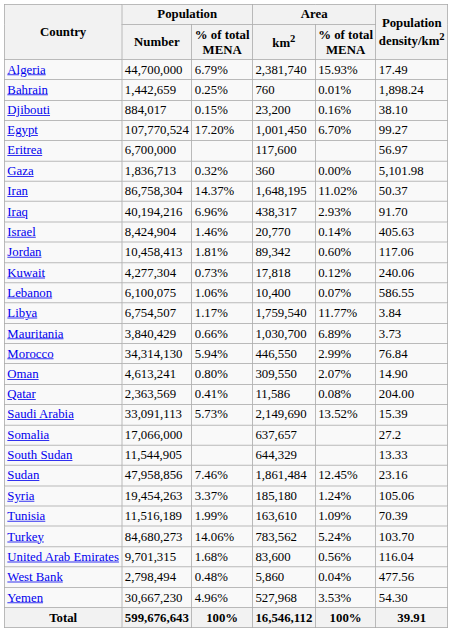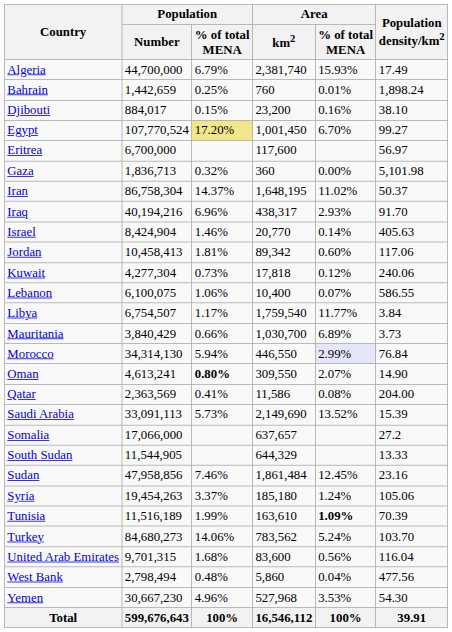 <table class="wikitable sortable">
 <tr>
 <th rowspan=2>Country</th>
 <th colspan=2>Population</th>
 <th colspan=2>Area</th>
 <th rowspan=2>Population<br>density/km<sup>2</sup></th>
 </tr>
 <tr>
 <th>Number</th>
 <th>% of total<br>MENA</th>
 <th>km<sup>2</sup></th>
 <th>% of total<br>MENA</th>
 </tr>
 <tr>
 <td><a href='#'>Algeria</a></td>
 <td>44,700,000</td>
 <td>6.79%</td>
 <td>2,381,740</td>
 <td>15.93%</td>
 <td>17.49</td>
 </tr>
 <tr>
 <td><a href='#'>Bahrain</a></td>
 <td>1,442,659</td>
 <td>0.25%</td>
 <td>760</td>
 <td>0.01%</td>
 <td>1,898.24</td>
 </tr>
 <tr>
 <td><a href='#'>Djibouti</a></td>
 <td>884,017</td>
 <td>0.15%</td>
 <td>23,200</td>
 <td>0.16%</td>
 <td>38.10</td>
 </tr>
 <tr>
 <td><a href='#'>Egypt</a></td>
 <td>107,770,524</td>
-<td>17.20%</td>
+<td style="background: khaki;">17.20%</td>
 <td>1,001,450</td>
 <td>6.70%</td>
 <td>99.27</td>
 </tr>
 <tr>
 <td><a href='#'>Eritrea</a></td>
 <td>6,700,000</td>
 <td></td>
 <td>117,600</td>
 <td></td>
 <td>56.97</td>
 </tr>
 <tr>
 <td><a href='#'>Gaza</a></td>
 <td>1,836,713</td>
 <td>0.32%</td>
 <td>360</td>
 <td>0.00%</td>
 <td>5,101.98</td>
 </tr>
 <tr>
 <td><a href='#'>Iran</a></td>
 <td>86,758,304</td>
 <td>14.37%</td>
 <td>1,648,195</td>
 <td>11.02%</td>
 <td>50.37</td>
 </tr>
 <tr>
 <td><a href='#'>Iraq</a></td>
 <td>40,194,216</td>
 <td>6.96%</td>
 <td>438,317</td>
 <td>2.93%</td>
 <td>91.70</td>
 </tr>
 <tr>
 <td><a href='#'>Israel</a></td>
 <td>8,424,904</td>
 <td>1.46%</td>
 <td>20,770</td>
 <td>0.14%</td>
 <td>405.63</td>
 </tr>
 <tr>
 <td><a href='#'>Jordan</a></td>
 <td>10,458,413</td>
 <td>1.81%</td>
 <td>89,342</td>
 <td>0.60%</td>
 <td>117.06</td>
 </tr>
 <tr>
 <td><a href='#'>Kuwait</a></td>
 <td>4,277,304</td>
 <td>0.73%</td>
 <td>17,818</td>
 <td>0.12%</td>
 <td>240.06</td>
 </tr>
 <tr>
 <td><a href='#'>Lebanon</a></td>
 <td>6,100,075</td>
 <td>1.06%</td>
 <td>10,400</td>
 <td>0.07%</td>
 <td>586.55</td>
 </tr>
 <tr>
 <td><a href='#'>Libya</a></td>
 <td>6,754,507</td>
 <td>1.17%</td>
 <td>1,759,540</td>
 <td>11.77%</td>
 <td>3.84</td>
 </tr>
 <tr>
 <td><a href='#'>Mauritania</a></td>
 <td>3,840,429</td>
 <td>0.66%</td>
 <td>1,030,700</td>
 <td>6.89%</td>
 <td>3.73</td>
 </tr>
 <tr>
 <td><a href='#'>Morocco</a></td>
 <td>34,314,130</td>
 <td>5.94%</td>
 <td>446,550</td>
-<td>2.99%</td>
+<td style="background: lavender;">2.99%</td>
 <td>76.84</td>
 </tr>
 <tr>
 <td><a href='#'>Oman</a></td>
 <td>4,613,241</td>
-<td>0.80%</td>
+<td><strong>0.80%</strong></td>
 <td>309,550</td>
 <td>2.07%</td>
 <td>14.90</td>
 </tr>
 <tr>
 <td><a href='#'>Qatar</a></td>
 <td>2,363,569</td>
 <td>0.41%</td>
 <td>11,586</td>
 <td>0.08%</td>
 <td>204.00</td>
 </tr>
 <tr>
 <td><a href='#'>Saudi Arabia</a></td>
 <td>33,091,113</td>
 <td>5.73%</td>
 <td>2,149,690</td>
 <td>13.52%</td>
 <td>15.39</td>
 </tr>
 <tr>
 <td><a href='#'>Somalia</a></td>
 <td>17,066,000</td>
 <td></td>
 <td>637,657</td>
 <td></td>
 <td>27.2</td>
 </tr>
 <tr>
 <td><a href='#'>South Sudan</a></td>
 <td>11,544,905</td>
 <td></td>
 <td>644,329</td>
 <td></td>
 <td>13.33</td>
 </tr>
 <tr>
 <td><a href='#'>Sudan</a></td>
 <td>47,958,856</td>
 <td>7.46%</td>
 <td>1,861,484</td>
 <td>12.45%</td>
 <td>23.16</td>
 </tr>
 <tr>
 <td><a href='#'>Syria</a></td>
 <td>19,454,263</td>
 <td>3.37%</td>
 <td>185,180</td>
 <td>1.24%</td>
 <td>105.06</td>
 </tr>
 <tr>
 <td><a href='#'>Tunisia</a></td>
 <td>11,516,189</td>
 <td>1.99%</td>
 <td>163,610</td>
-<td>1.09%</td>
+<td><strong>1.09%</strong></td>
 <td>70.39</td>
 </tr>
 <tr>
 <td><a href='#'>Turkey</a></td>
 <td>84,680,273</td>
 <td>14.06%</td>
 <td>783,562</td>
 <td>5.24%</td>
 <td>103.70</td>
 </tr>
 <tr>
 <td><a href='#'>United Arab Emirates</a></td>
 <td>9,701,315</td>
 <td>1.68%</td>
 <td>83,600</td>
 <td>0.56%</td>
 <td>116.04</td>
 </tr>
 <tr>
 <td><a href='#'>West Bank</a></td>
 <td>2,798,494</td>
 <td>0.48%</td>
 <td>5,860</td>
 <td>0.04%</td>
 <td>477.56</td>
 </tr>
 <tr>
 <td><a href='#'>Yemen</a></td>
 <td>30,667,230</td>
 <td>4.96%</td>
 <td>527,968</td>
 <td>3.53%</td>
 <td>54.30</td>
 </tr>
 <tr>
 <th>Total</th>
 <th>599,676,643</th>
 <th>100%</th>
 <th>16,546,112</th>
 <th>100%</th>
 <th>39.91</th>
 </tr>
 </table>
